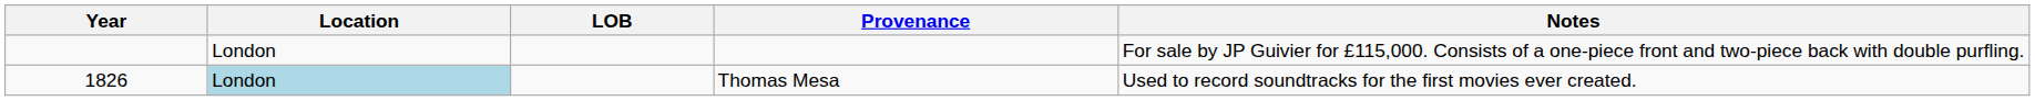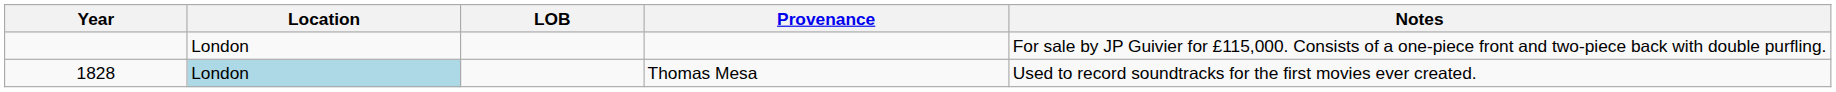 <table class="sortable wikitable" style="margins:auto; width=95%; font-size: 95%;">
 <tr>
 <th width="10%">Year</th>
 <th width="15%">Location</th>
 <th width="10%">LOB</th>
 <th width="20%"><a href='#'>Provenance</a></th>
 <th width="45%">Notes</th>
 </tr>
 <tr valign="top">
 <td align=center></td>
 <td>London</td>
 <td></td>
 <td></td>
 <td>For sale by JP Guivier for £115,000. Consists of a one-piece front and two-piece back with double purfling.</td>
 </tr>
 <tr valign="top">
-<td align=center>1826</td>
+<td align=center>1828</td>
 <td style="background: lightblue;">London</td>
 <td></td>
 <td>Thomas Mesa</td>
 <td>Used to record soundtracks for the first movies ever created.</td>
 </tr>
 </table>
